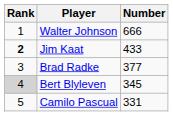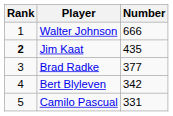 <table class="wikitable" style="font-size: 95%; text-align:left;">
 <tr>
 <th>Rank</th>
 <th>Player</th>
 <th>Number</th>
 </tr>
 <tr>
 <td align="center">1</td>
 <td><a href='#'>Walter Johnson</a></td>
 <td>666</td>
 </tr>
 <tr>
 <td align="center"><strong>2</strong></td>
 <td><a href='#'>Jim Kaat</a></td>
-<td>433</td>
+<td>435</td>
 </tr>
 <tr>
 <td align="center">3</td>
 <td><a href='#'>Brad Radke</a></td>
 <td>377</td>
 </tr>
 <tr>
-<td align="center" style="background: lightgrey;">4</td>
+<td align="center">4</td>
 <td><a href='#'>Bert Blyleven</a></td>
-<td>345</td>
+<td>342</td>
 </tr>
 <tr>
 <td align="center">5</td>
 <td><a href='#'>Camilo Pascual</a></td>
 <td>331</td>
 </tr>
 </table>
